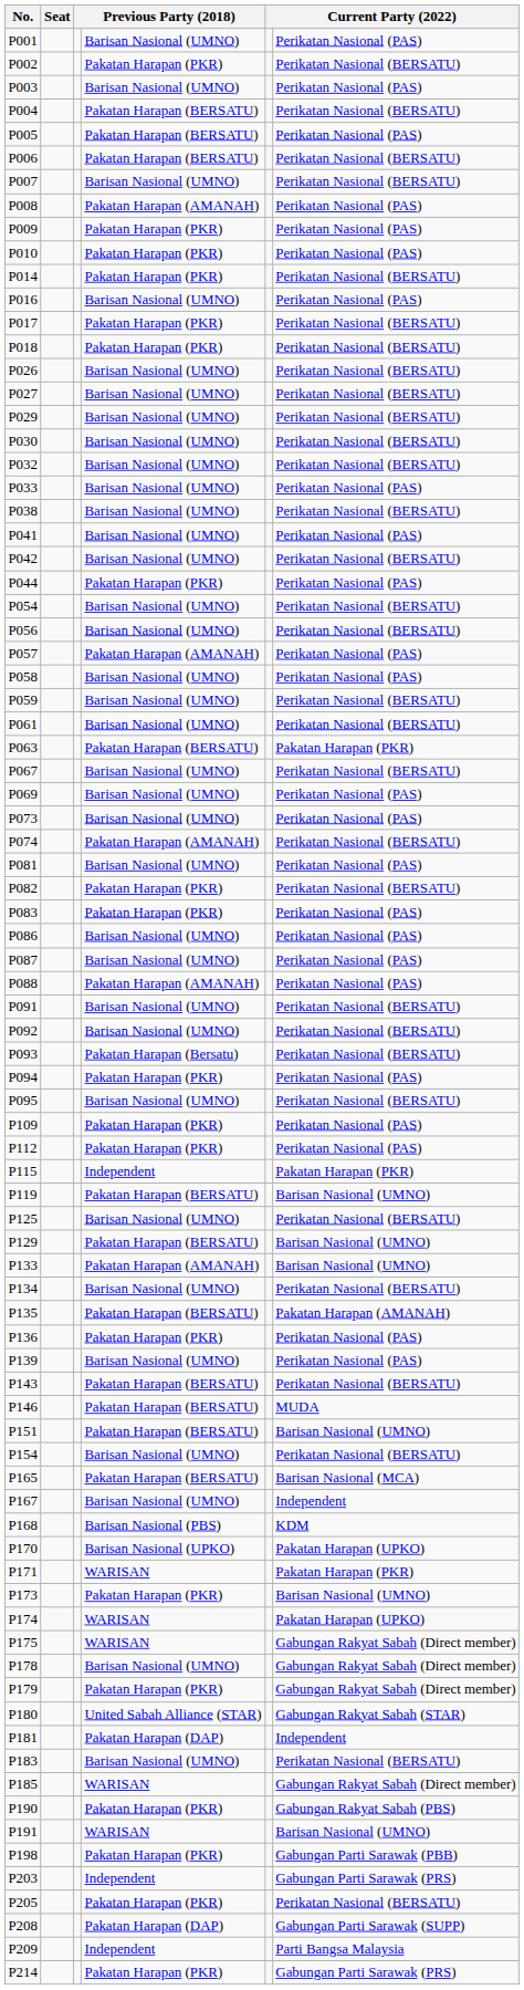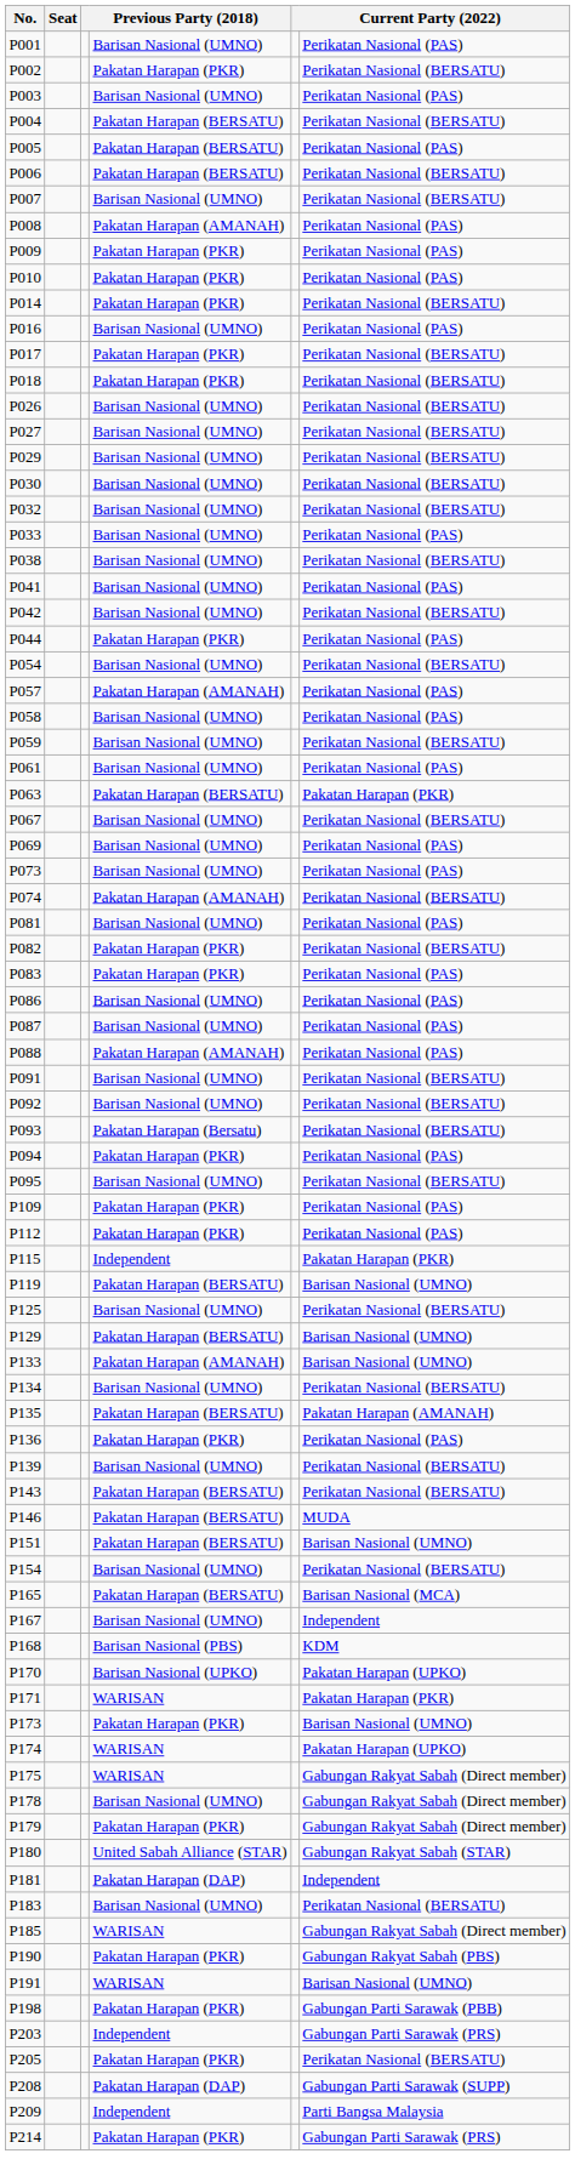 <table class="wikitable sortable" style="font-size:95%;">
 <tr>
 <th scope="col">No.</th>
 <th scope="col">Seat</th>
 <th colspan="2" scope="col">Previous Party (2018)</th>
 <th colspan="2" scope="col">Current Party (2022)</th>
 </tr>
 <tr>
 <td>P001</td>
 <td> </td>
 <td width="1"></td>
 <td><a href='#'>Barisan Nasional</a> (<a href='#'>UMNO</a>)</td>
 <td width="1"></td>
 <td><a href='#'>Perikatan Nasional</a> (<a href='#'>PAS</a>)</td>
 </tr>
 <tr>
 <td>P002</td>
 <td> </td>
 <td width="1"></td>
 <td><a href='#'>Pakatan Harapan</a> (<a href='#'>PKR</a>)</td>
 <td width="1"></td>
 <td><a href='#'>Perikatan Nasional</a> (<a href='#'>BERSATU</a>)</td>
 </tr>
 <tr>
 <td>P003</td>
 <td> </td>
 <td width="1"></td>
 <td><a href='#'>Barisan Nasional</a> (<a href='#'>UMNO</a>)</td>
 <td width="1"></td>
 <td><a href='#'>Perikatan Nasional</a> (<a href='#'>PAS</a>)</td>
 </tr>
 <tr>
 <td>P004</td>
 <td> </td>
 <td width="1"></td>
 <td><a href='#'>Pakatan Harapan</a> (<a href='#'>BERSATU</a>)</td>
 <td width="1"></td>
 <td><a href='#'>Perikatan Nasional</a> (<a href='#'>BERSATU</a>)</td>
 </tr>
 <tr>
 <td>P005</td>
 <td> </td>
 <td width="1"></td>
 <td><a href='#'>Pakatan Harapan</a> (<a href='#'>BERSATU</a>)</td>
 <td width="1"></td>
 <td><a href='#'>Perikatan Nasional</a> (<a href='#'>PAS</a>)</td>
 </tr>
 <tr>
 <td>P006</td>
 <td> </td>
 <td width="1"></td>
 <td><a href='#'>Pakatan Harapan</a> (<a href='#'>BERSATU</a>)</td>
 <td width="1"></td>
 <td><a href='#'>Perikatan Nasional</a> (<a href='#'>BERSATU</a>)</td>
 </tr>
 <tr>
 <td>P007</td>
 <td> </td>
 <td width="1"></td>
 <td><a href='#'>Barisan Nasional</a> (<a href='#'>UMNO</a>)</td>
 <td width="1"></td>
 <td><a href='#'>Perikatan Nasional</a> (<a href='#'>BERSATU</a>)</td>
 </tr>
 <tr>
 <td>P008</td>
 <td> </td>
 <td width="1"></td>
 <td><a href='#'>Pakatan Harapan</a> (<a href='#'>AMANAH</a>)</td>
 <td width="1"></td>
 <td><a href='#'>Perikatan Nasional</a> (<a href='#'>PAS</a>)</td>
 </tr>
 <tr>
 <td>P009</td>
 <td> </td>
 <td width="1"></td>
 <td><a href='#'>Pakatan Harapan</a> (<a href='#'>PKR</a>)</td>
 <td width="1"></td>
 <td><a href='#'>Perikatan Nasional</a> (<a href='#'>PAS</a>)</td>
 </tr>
 <tr>
 <td>P010</td>
 <td> </td>
 <td width="1"></td>
 <td><a href='#'>Pakatan Harapan</a> (<a href='#'>PKR</a>)</td>
 <td width="1"></td>
 <td><a href='#'>Perikatan Nasional</a> (<a href='#'>PAS</a>)</td>
 </tr>
 <tr>
 <td>P014</td>
 <td> </td>
 <td width="1"></td>
 <td><a href='#'>Pakatan Harapan</a> (<a href='#'>PKR</a>)</td>
 <td width="1"></td>
 <td><a href='#'>Perikatan Nasional</a> (<a href='#'>BERSATU</a>)</td>
 </tr>
 <tr>
 <td>P016</td>
 <td> </td>
 <td width="1"></td>
 <td><a href='#'>Barisan Nasional</a> (<a href='#'>UMNO</a>)</td>
 <td width="1"></td>
 <td><a href='#'>Perikatan Nasional</a> (<a href='#'>PAS</a>)</td>
 </tr>
 <tr>
 <td>P017</td>
 <td> </td>
 <td width="1"></td>
 <td><a href='#'>Pakatan Harapan</a> (<a href='#'>PKR</a>)</td>
 <td width="1"></td>
 <td><a href='#'>Perikatan Nasional</a> (<a href='#'>BERSATU</a>)</td>
 </tr>
 <tr>
 <td>P018</td>
 <td> </td>
 <td width="1"></td>
 <td><a href='#'>Pakatan Harapan</a> (<a href='#'>PKR</a>)</td>
 <td width="1"></td>
 <td><a href='#'>Perikatan Nasional</a> (<a href='#'>BERSATU</a>)</td>
 </tr>
 <tr>
 <td>P026</td>
 <td> </td>
 <td width="1"></td>
 <td><a href='#'>Barisan Nasional</a> (<a href='#'>UMNO</a>)</td>
 <td width="1"></td>
 <td><a href='#'>Perikatan Nasional</a> (<a href='#'>BERSATU</a>)</td>
 </tr>
 <tr>
 <td>P027</td>
 <td> </td>
 <td width="1"></td>
 <td><a href='#'>Barisan Nasional</a> (<a href='#'>UMNO</a>)</td>
 <td width="1"></td>
 <td><a href='#'>Perikatan Nasional</a> (<a href='#'>BERSATU</a>)</td>
 </tr>
 <tr>
 <td>P029</td>
 <td> </td>
 <td width="1"></td>
 <td><a href='#'>Barisan Nasional</a> (<a href='#'>UMNO</a>)</td>
 <td width="1"></td>
 <td><a href='#'>Perikatan Nasional</a> (<a href='#'>BERSATU</a>)</td>
 </tr>
 <tr>
 <td>P030</td>
 <td> </td>
 <td width="1"></td>
 <td><a href='#'>Barisan Nasional</a> (<a href='#'>UMNO</a>)</td>
 <td width="1"></td>
 <td><a href='#'>Perikatan Nasional</a> (<a href='#'>BERSATU</a>)</td>
 </tr>
 <tr>
 <td>P032</td>
 <td> </td>
 <td width="1"></td>
 <td><a href='#'>Barisan Nasional</a> (<a href='#'>UMNO</a>)</td>
 <td width="1"></td>
 <td><a href='#'>Perikatan Nasional</a> (<a href='#'>BERSATU</a>)</td>
 </tr>
 <tr>
 <td>P033</td>
 <td> </td>
 <td width="1"></td>
 <td><a href='#'>Barisan Nasional</a> (<a href='#'>UMNO</a>)</td>
 <td width="1"></td>
 <td><a href='#'>Perikatan Nasional</a> (<a href='#'>PAS</a>)</td>
 </tr>
 <tr>
 <td>P038</td>
 <td> </td>
 <td width="1"></td>
 <td><a href='#'>Barisan Nasional</a> (<a href='#'>UMNO</a>)</td>
 <td width="1"></td>
 <td><a href='#'>Perikatan Nasional</a> (<a href='#'>BERSATU</a>)</td>
 </tr>
 <tr>
 <td>P041</td>
 <td> </td>
 <td width="1"></td>
 <td><a href='#'>Barisan Nasional</a> (<a href='#'>UMNO</a>)</td>
 <td width="1"></td>
 <td><a href='#'>Perikatan Nasional</a> (<a href='#'>PAS</a>)</td>
 </tr>
 <tr>
 <td>P042</td>
 <td> </td>
 <td width="1"></td>
 <td><a href='#'>Barisan Nasional</a> (<a href='#'>UMNO</a>)</td>
 <td width="1"></td>
 <td><a href='#'>Perikatan Nasional</a> (<a href='#'>BERSATU</a>)</td>
 </tr>
 <tr>
 <td>P044</td>
 <td> </td>
 <td width="1"></td>
 <td><a href='#'>Pakatan Harapan</a> (<a href='#'>PKR</a>)</td>
 <td width="1"></td>
 <td><a href='#'>Perikatan Nasional</a> (<a href='#'>PAS</a>)</td>
 </tr>
 <tr>
 <td>P054</td>
 <td> </td>
 <td width="1"></td>
 <td><a href='#'>Barisan Nasional</a> (<a href='#'>UMNO</a>)</td>
 <td width="1"></td>
 <td><a href='#'>Perikatan Nasional</a> (<a href='#'>BERSATU</a>)</td>
 </tr>
 <tr>
-<td>P056</td>
-<td> </td>
-<td width="1"></td>
-<td><a href='#'>Barisan Nasional</a> (<a href='#'>UMNO</a>)</td>
-<td width="1"></td>
-<td><a href='#'>Perikatan Nasional</a> (<a href='#'>BERSATU</a>)</td>
-</tr>
-<tr>
 <td>P057</td>
 <td> </td>
 <td width="1"></td>
 <td><a href='#'>Pakatan Harapan</a> (<a href='#'>AMANAH</a>)</td>
 <td width="1"></td>
 <td><a href='#'>Perikatan Nasional</a> (<a href='#'>PAS</a>)</td>
 </tr>
 <tr>
 <td>P058</td>
 <td> </td>
 <td width="1"></td>
 <td><a href='#'>Barisan Nasional</a> (<a href='#'>UMNO</a>)</td>
 <td width="1"></td>
 <td><a href='#'>Perikatan Nasional</a> (<a href='#'>PAS</a>)</td>
 </tr>
 <tr>
 <td>P059</td>
 <td> </td>
 <td width="1"></td>
 <td><a href='#'>Barisan Nasional</a> (<a href='#'>UMNO</a>)</td>
 <td width="1"></td>
 <td><a href='#'>Perikatan Nasional</a> (<a href='#'>BERSATU</a>)</td>
 </tr>
 <tr>
 <td>P061</td>
 <td> </td>
 <td width="1"></td>
 <td><a href='#'>Barisan Nasional</a> (<a href='#'>UMNO</a>)</td>
 <td width="1"></td>
-<td><a href='#'>Perikatan Nasional</a> (<a href='#'>BERSATU</a>)</td>
+<td><a href='#'>Perikatan Nasional</a> (<a href='#'>PAS</a>)</td>
 </tr>
 <tr>
 <td>P063</td>
 <td> </td>
 <td width="1"></td>
 <td><a href='#'>Pakatan Harapan</a> (<a href='#'>BERSATU</a>)</td>
 <td width="1"></td>
 <td><a href='#'>Pakatan Harapan</a> (<a href='#'>PKR</a>)</td>
 </tr>
 <tr>
 <td>P067</td>
 <td> </td>
 <td width="1"></td>
 <td><a href='#'>Barisan Nasional</a> (<a href='#'>UMNO</a>)</td>
 <td width="1"></td>
 <td><a href='#'>Perikatan Nasional</a> (<a href='#'>BERSATU</a>)</td>
 </tr>
 <tr>
 <td>P069</td>
 <td> </td>
 <td width="1"></td>
 <td><a href='#'>Barisan Nasional</a> (<a href='#'>UMNO</a>)</td>
 <td width="1"></td>
 <td><a href='#'>Perikatan Nasional</a> (<a href='#'>PAS</a>)</td>
 </tr>
 <tr>
 <td>P073</td>
 <td> </td>
 <td width="1"></td>
 <td><a href='#'>Barisan Nasional</a> (<a href='#'>UMNO</a>)</td>
 <td width="1"></td>
 <td><a href='#'>Perikatan Nasional</a> (<a href='#'>PAS</a>)</td>
 </tr>
 <tr>
 <td>P074</td>
 <td> </td>
 <td width="1"></td>
 <td><a href='#'>Pakatan Harapan</a> (<a href='#'>AMANAH</a>)</td>
 <td width="1"></td>
 <td><a href='#'>Perikatan Nasional</a> (<a href='#'>BERSATU</a>)</td>
 </tr>
 <tr>
 <td>P081</td>
 <td> </td>
 <td width="1"></td>
 <td><a href='#'>Barisan Nasional</a> (<a href='#'>UMNO</a>)</td>
 <td width="1"></td>
 <td><a href='#'>Perikatan Nasional</a> (<a href='#'>PAS</a>)</td>
 </tr>
 <tr>
 <td>P082</td>
 <td> </td>
 <td width="1"></td>
 <td><a href='#'>Pakatan Harapan</a> (<a href='#'>PKR</a>)</td>
 <td width="1"></td>
 <td><a href='#'>Perikatan Nasional</a> (<a href='#'>BERSATU</a>)</td>
 </tr>
 <tr>
 <td>P083</td>
 <td> </td>
 <td width="1"></td>
 <td><a href='#'>Pakatan Harapan</a> (<a href='#'>PKR</a>)</td>
 <td width="1"></td>
 <td><a href='#'>Perikatan Nasional</a> (<a href='#'>PAS</a>)</td>
 </tr>
 <tr>
 <td>P086</td>
 <td> </td>
 <td width="1"></td>
 <td><a href='#'>Barisan Nasional</a> (<a href='#'>UMNO</a>)</td>
 <td width="1"></td>
 <td><a href='#'>Perikatan Nasional</a> (<a href='#'>PAS</a>)</td>
 </tr>
 <tr>
 <td>P087</td>
 <td> </td>
 <td width="1"></td>
 <td><a href='#'>Barisan Nasional</a> (<a href='#'>UMNO</a>)</td>
 <td width="1"></td>
 <td><a href='#'>Perikatan Nasional</a> (<a href='#'>PAS</a>)</td>
 </tr>
 <tr>
 <td>P088</td>
 <td> </td>
 <td width="1"></td>
 <td><a href='#'>Pakatan Harapan</a> (<a href='#'>AMANAH</a>)</td>
 <td width="1"></td>
 <td><a href='#'>Perikatan Nasional</a> (<a href='#'>PAS</a>)</td>
 </tr>
 <tr>
 <td>P091</td>
 <td> </td>
 <td width="1"></td>
 <td><a href='#'>Barisan Nasional</a> (<a href='#'>UMNO</a>)</td>
 <td width="1"></td>
 <td><a href='#'>Perikatan Nasional</a> (<a href='#'>BERSATU</a>)</td>
 </tr>
 <tr>
 <td>P092</td>
 <td> </td>
 <td width="1"></td>
 <td><a href='#'>Barisan Nasional</a> (<a href='#'>UMNO</a>)</td>
 <td width="1"></td>
 <td><a href='#'>Perikatan Nasional</a> (<a href='#'>BERSATU</a>)</td>
 </tr>
 <tr>
 <td>P093</td>
 <td> </td>
 <td width="1"></td>
 <td><a href='#'>Pakatan Harapan</a> (<a href='#'>Bersatu</a>)</td>
 <td width="1"></td>
 <td><a href='#'>Perikatan Nasional</a> (<a href='#'>BERSATU</a>)</td>
 </tr>
 <tr>
 <td>P094</td>
 <td> </td>
 <td width="1"></td>
 <td><a href='#'>Pakatan Harapan</a> (<a href='#'>PKR</a>)</td>
 <td width="1"></td>
 <td><a href='#'>Perikatan Nasional</a> (<a href='#'>PAS</a>)</td>
 </tr>
 <tr>
 <td>P095</td>
 <td> </td>
 <td width="1"></td>
 <td><a href='#'>Barisan Nasional</a> (<a href='#'>UMNO</a>)</td>
 <td width="1"></td>
 <td><a href='#'>Perikatan Nasional</a> (<a href='#'>BERSATU</a>)</td>
 </tr>
 <tr>
 <td>P109</td>
 <td> </td>
 <td width="1"></td>
 <td><a href='#'>Pakatan Harapan</a> (<a href='#'>PKR</a>)</td>
 <td width="1"></td>
 <td><a href='#'>Perikatan Nasional</a> (<a href='#'>PAS</a>)</td>
 </tr>
 <tr>
 <td>P112</td>
 <td> </td>
 <td width="1"></td>
 <td><a href='#'>Pakatan Harapan</a> (<a href='#'>PKR</a>)</td>
 <td width="1"></td>
 <td><a href='#'>Perikatan Nasional</a> (<a href='#'>PAS</a>)</td>
 </tr>
 <tr>
 <td>P115</td>
 <td> </td>
 <td width="1"></td>
 <td><a href='#'>Independent</a></td>
 <td width="1"></td>
 <td><a href='#'>Pakatan Harapan</a> (<a href='#'>PKR</a>)</td>
 </tr>
 <tr>
 <td>P119</td>
 <td> </td>
 <td width="1"></td>
 <td><a href='#'>Pakatan Harapan</a> (<a href='#'>BERSATU</a>)</td>
 <td width="1"></td>
 <td><a href='#'>Barisan Nasional</a> (<a href='#'>UMNO</a>)</td>
 </tr>
 <tr>
 <td>P125</td>
 <td> </td>
 <td width="1"></td>
 <td><a href='#'>Barisan Nasional</a> (<a href='#'>UMNO</a>)</td>
 <td width="1"></td>
 <td><a href='#'>Perikatan Nasional</a> (<a href='#'>BERSATU</a>)</td>
 </tr>
 <tr>
 <td>P129</td>
 <td> </td>
 <td width="1"></td>
 <td><a href='#'>Pakatan Harapan</a> (<a href='#'>BERSATU</a>)</td>
 <td width="1"></td>
 <td><a href='#'>Barisan Nasional</a> (<a href='#'>UMNO</a>)</td>
 </tr>
 <tr>
 <td>P133</td>
 <td> </td>
 <td width="1"></td>
 <td><a href='#'>Pakatan Harapan</a> (<a href='#'>AMANAH</a>)</td>
 <td width="1"></td>
 <td><a href='#'>Barisan Nasional</a> (<a href='#'>UMNO</a>)</td>
 </tr>
 <tr>
 <td>P134</td>
 <td> </td>
 <td width="1"></td>
 <td><a href='#'>Barisan Nasional</a> (<a href='#'>UMNO</a>)</td>
 <td width="1"></td>
 <td><a href='#'>Perikatan Nasional</a> (<a href='#'>BERSATU</a>)</td>
 </tr>
 <tr>
 <td>P135</td>
 <td> </td>
 <td width="1"></td>
 <td><a href='#'>Pakatan Harapan</a> (<a href='#'>BERSATU</a>)</td>
 <td width="1"></td>
 <td><a href='#'>Pakatan Harapan</a> (<a href='#'>AMANAH</a>)</td>
 </tr>
 <tr>
 <td>P136</td>
 <td> </td>
 <td width="1"></td>
 <td><a href='#'>Pakatan Harapan</a> (<a href='#'>PKR</a>)</td>
 <td width="1"></td>
 <td><a href='#'>Perikatan Nasional</a> (<a href='#'>PAS</a>)</td>
 </tr>
 <tr>
 <td>P139</td>
 <td> </td>
 <td width="1"></td>
 <td><a href='#'>Barisan Nasional</a> (<a href='#'>UMNO</a>)</td>
 <td width="1"></td>
-<td><a href='#'>Perikatan Nasional</a> (<a href='#'>PAS</a>)</td>
+<td><a href='#'>Perikatan Nasional</a> (<a href='#'>BERSATU</a>)</td>
 </tr>
 <tr>
 <td>P143</td>
 <td> </td>
 <td width="1"></td>
 <td><a href='#'>Pakatan Harapan</a> (<a href='#'>BERSATU</a>)</td>
 <td width="1"></td>
 <td><a href='#'>Perikatan Nasional</a> (<a href='#'>BERSATU</a>)</td>
 </tr>
 <tr>
 <td>P146</td>
 <td> </td>
 <td width="1"></td>
 <td><a href='#'>Pakatan Harapan</a> (<a href='#'>BERSATU</a>)</td>
 <td width="1"></td>
 <td><a href='#'>MUDA</a></td>
 </tr>
 <tr>
 <td>P151</td>
 <td> </td>
 <td width="1"></td>
 <td><a href='#'>Pakatan Harapan</a> (<a href='#'>BERSATU</a>)</td>
 <td width="1"></td>
 <td><a href='#'>Barisan Nasional</a> (<a href='#'>UMNO</a>)</td>
 </tr>
 <tr>
 <td>P154</td>
 <td> </td>
 <td width="1"></td>
 <td><a href='#'>Barisan Nasional</a> (<a href='#'>UMNO</a>)</td>
 <td width="1"></td>
 <td><a href='#'>Perikatan Nasional</a> (<a href='#'>BERSATU</a>)</td>
 </tr>
 <tr>
 <td>P165</td>
 <td> </td>
 <td width="1"></td>
 <td><a href='#'>Pakatan Harapan</a> (<a href='#'>BERSATU</a>)</td>
 <td width="1"></td>
 <td><a href='#'>Barisan Nasional</a> (<a href='#'>MCA</a>)</td>
 </tr>
 <tr>
 <td>P167</td>
 <td> </td>
 <td width="1"></td>
 <td><a href='#'>Barisan Nasional</a> (<a href='#'>UMNO</a>)</td>
 <td width="1"></td>
 <td><a href='#'>Independent</a></td>
 </tr>
 <tr>
 <td>P168</td>
 <td> </td>
 <td width="1"></td>
 <td><a href='#'>Barisan Nasional</a> (<a href='#'>PBS</a>)</td>
 <td width="1"></td>
 <td><a href='#'>KDM</a></td>
 </tr>
 <tr>
 <td>P170</td>
 <td> </td>
 <td width="1"></td>
 <td><a href='#'>Barisan Nasional</a> (<a href='#'>UPKO</a>)</td>
 <td width="1"></td>
 <td><a href='#'>Pakatan Harapan</a> (<a href='#'>UPKO</a>)</td>
 </tr>
 <tr>
 <td>P171</td>
 <td> </td>
 <td width="1"></td>
 <td><a href='#'>WARISAN</a></td>
 <td width="1"></td>
 <td><a href='#'>Pakatan Harapan</a> (<a href='#'>PKR</a>)</td>
 </tr>
 <tr>
 <td>P173</td>
 <td> </td>
 <td width="1"></td>
 <td><a href='#'>Pakatan Harapan</a> (<a href='#'>PKR</a>)</td>
 <td width="1"></td>
 <td><a href='#'>Barisan Nasional</a> (<a href='#'>UMNO</a>)</td>
 </tr>
 <tr>
 <td>P174</td>
 <td> </td>
 <td width="1"></td>
 <td><a href='#'>WARISAN</a></td>
 <td width="1"></td>
 <td><a href='#'>Pakatan Harapan</a> (<a href='#'>UPKO</a>)</td>
 </tr>
 <tr>
 <td>P175</td>
 <td> </td>
 <td width="1"></td>
 <td><a href='#'>WARISAN</a></td>
 <td width="1"></td>
 <td><a href='#'>Gabungan Rakyat Sabah</a> (Direct member)</td>
 </tr>
 <tr>
 <td>P178</td>
 <td> </td>
 <td width="1"></td>
 <td><a href='#'>Barisan Nasional</a> (<a href='#'>UMNO</a>)</td>
 <td width="1"></td>
 <td><a href='#'>Gabungan Rakyat Sabah</a> (Direct member)</td>
 </tr>
 <tr>
 <td>P179</td>
 <td> </td>
 <td width="1"></td>
 <td><a href='#'>Pakatan Harapan</a> (<a href='#'>PKR</a>)</td>
 <td width="1"></td>
 <td><a href='#'>Gabungan Rakyat Sabah</a> (Direct member)</td>
 </tr>
 <tr>
 <td>P180</td>
 <td> </td>
 <td width="1"></td>
 <td><a href='#'>United Sabah Alliance</a> (<a href='#'>STAR</a>)</td>
 <td width="1"></td>
 <td><a href='#'>Gabungan Rakyat Sabah</a> (<a href='#'>STAR</a>)</td>
 </tr>
 <tr>
 <td>P181</td>
 <td> </td>
 <td width="1"></td>
 <td><a href='#'>Pakatan Harapan</a> (<a href='#'>DAP</a>)</td>
 <td width="1"></td>
 <td><a href='#'>Independent</a></td>
 </tr>
 <tr>
 <td>P183</td>
 <td> </td>
 <td width="1"></td>
 <td><a href='#'>Barisan Nasional</a> (<a href='#'>UMNO</a>)</td>
 <td width="1"></td>
 <td><a href='#'>Perikatan Nasional</a> (<a href='#'>BERSATU</a>)</td>
 </tr>
 <tr>
 <td>P185</td>
 <td> </td>
 <td width="1"></td>
 <td><a href='#'>WARISAN</a></td>
 <td width="1"></td>
 <td><a href='#'>Gabungan Rakyat Sabah</a> (Direct member)</td>
 </tr>
 <tr>
 <td>P190</td>
 <td> </td>
 <td width="1"></td>
 <td><a href='#'>Pakatan Harapan</a> (<a href='#'>PKR</a>)</td>
 <td width="1"></td>
 <td><a href='#'>Gabungan Rakyat Sabah</a> (<a href='#'>PBS</a>)</td>
 </tr>
 <tr>
 <td>P191</td>
 <td> </td>
 <td width="1"></td>
 <td><a href='#'>WARISAN</a></td>
 <td width="1"></td>
 <td><a href='#'>Barisan Nasional</a> (<a href='#'>UMNO</a>)</td>
 </tr>
 <tr>
 <td>P198</td>
 <td> </td>
 <td width="1"></td>
 <td><a href='#'>Pakatan Harapan</a> (<a href='#'>PKR</a>)</td>
 <td width="1"></td>
 <td><a href='#'>Gabungan Parti Sarawak</a> (<a href='#'>PBB</a>)</td>
 </tr>
 <tr>
 <td>P203</td>
 <td> </td>
 <td width="1"></td>
 <td><a href='#'>Independent</a></td>
 <td width="1"></td>
 <td><a href='#'>Gabungan Parti Sarawak</a> (<a href='#'>PRS</a>)</td>
 </tr>
 <tr>
 <td>P205</td>
 <td> </td>
 <td width="1"></td>
 <td><a href='#'>Pakatan Harapan</a> (<a href='#'>PKR</a>)</td>
 <td width="1"></td>
 <td><a href='#'>Perikatan Nasional</a> (<a href='#'>BERSATU</a>)</td>
 </tr>
 <tr>
 <td>P208</td>
 <td> </td>
 <td width="1"></td>
 <td><a href='#'>Pakatan Harapan</a> (<a href='#'>DAP</a>)</td>
 <td width="1"></td>
 <td><a href='#'>Gabungan Parti Sarawak</a> (<a href='#'>SUPP</a>)</td>
 </tr>
 <tr>
 <td>P209</td>
 <td> </td>
 <td width="1"></td>
 <td><a href='#'>Independent</a></td>
 <td width="1"></td>
 <td><a href='#'>Parti Bangsa Malaysia</a></td>
 </tr>
 <tr>
 <td>P214</td>
 <td> </td>
 <td width="1"></td>
 <td><a href='#'>Pakatan Harapan</a> (<a href='#'>PKR</a>)</td>
 <td width="1"></td>
 <td><a href='#'>Gabungan Parti Sarawak</a> (<a href='#'>PRS</a>)</td>
 </tr>
 </table>
